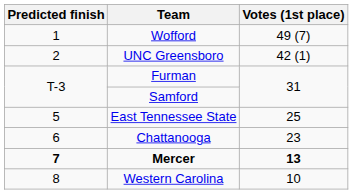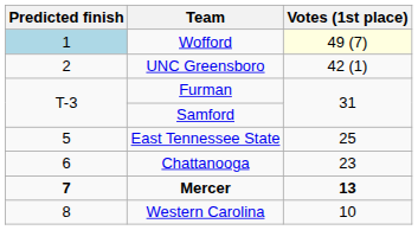 <table class="wikitable" border="1">
 <tr align=center>
 <th>Predicted finish</th>
 <th>Team</th>
 <th>Votes (1st place)</th>
 </tr>
 <tr align="center">
-<td>1</td>
+<td style="background: lightblue;">1</td>
 <td><a href='#'>Wofford</a></td>
-<td>49 (7)</td>
+<td style="background: lightyellow;">49 (7)</td>
 </tr>
 <tr align="center">
 <td>2</td>
 <td><a href='#'>UNC Greensboro</a></td>
 <td>42 (1)</td>
 </tr>
 <tr align="center">
 <td rowspan=2>T-3</td>
 <td><a href='#'>Furman</a></td>
 <td rowspan=2>31</td>
 </tr>
 <tr align="center">
 <td><a href='#'>Samford</a></td>
 </tr>
 <tr align="center">
 <td>5</td>
 <td><a href='#'>East Tennessee State</a></td>
 <td>25</td>
 </tr>
 <tr align="center">
 <td>6</td>
 <td><a href='#'>Chattanooga</a></td>
 <td>23</td>
 </tr>
 <tr align="center">
 <td><strong>7</strong></td>
 <td><strong>Mercer</strong></td>
 <td><strong>13</strong></td>
 </tr>
 <tr align="center">
 <td>8</td>
 <td><a href='#'>Western Carolina</a></td>
 <td>10</td>
 </tr>
 </table>
